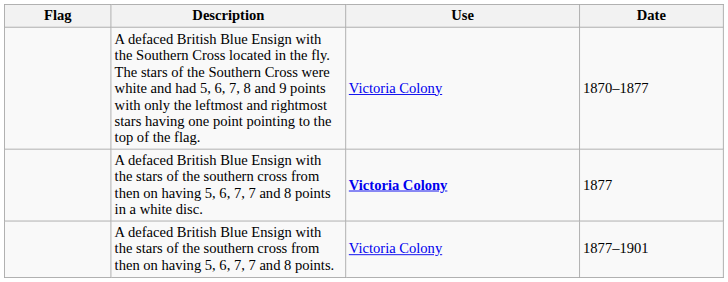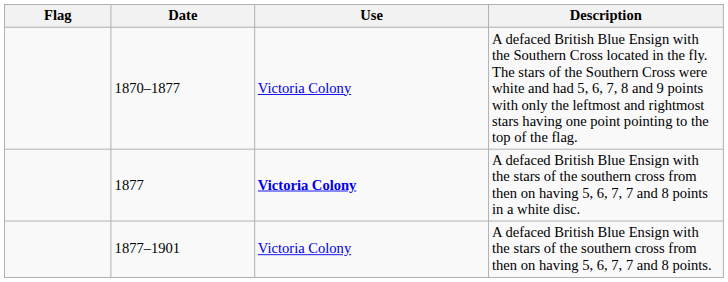 <table class="wikitable">
 <tr style="background:#efefef;">
 <th style="width:110px;">Flag</th>
+<th style="width:150px;">Date</th>
+<th style="width:250px;">Use</th>
 <th style="width:250px;">Description</th>
-<th style="width:250px;">Use</th>
-<th style="width:150px;">Date</th>
 </tr>
 <tr>
 <td></td>
+<td>1870–1877</td>
+<td><a href='#'>Victoria Colony</a></td>
 <td>A defaced British Blue Ensign with the Southern Cross located in the fly. The stars of the Southern Cross were white and had 5, 6, 7, 8 and 9 points with only the leftmost and rightmost stars having one point pointing to the top of the flag.</td>
-<td><a href='#'>Victoria Colony</a></td>
-<td>1870–1877</td>
 </tr>
 <tr>
 <td></td>
+<td>1877</td>
+<td><strong><a href='#'>Victoria Colony</a></strong></td>
 <td>A defaced British Blue Ensign with the stars of the southern cross from then on having 5, 6, 7, 7 and 8 points in a white disc.</td>
-<td><strong><a href='#'>Victoria Colony</a></strong></td>
-<td>1877</td>
 </tr>
 <tr>
 <td></td>
+<td>1877–1901</td>
+<td><a href='#'>Victoria Colony</a></td>
 <td>A defaced British Blue Ensign with the stars of the southern cross from then on having 5, 6, 7, 7 and 8 points.</td>
-<td><a href='#'>Victoria Colony</a></td>
-<td>1877–1901</td>
 </tr>
 </table>
